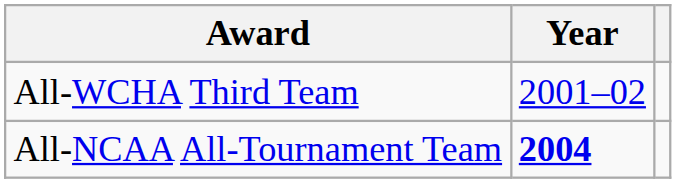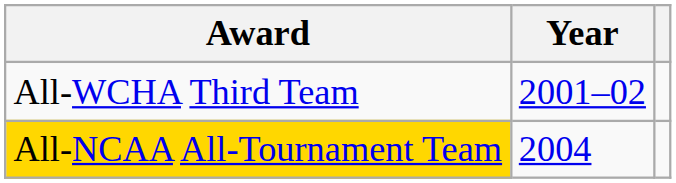 <table class="wikitable">
 <tr>
 <th>Award</th>
 <th>Year</th>
 <th></th>
 </tr>
 <tr>
 <td>All-<a href='#'>WCHA</a> <a href='#'>Third Team</a></td>
 <td><a href='#'>2001–02</a></td>
 <td></td>
 </tr>
 <tr>
-<td>All-<a href='#'>NCAA</a> <a href='#'>All-Tournament Team</a></td>
-<td><strong><a href='#'>2004</a></strong></td>
+<td style="background: gold;">All-<a href='#'>NCAA</a> <a href='#'>All-Tournament Team</a></td>
+<td><a href='#'>2004</a></td>
 <td></td>
 </tr>
 </table>
